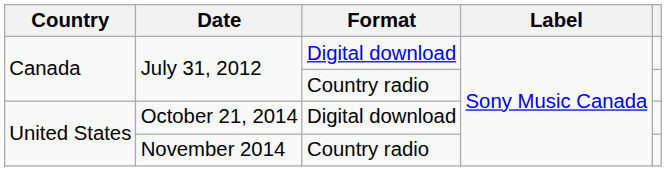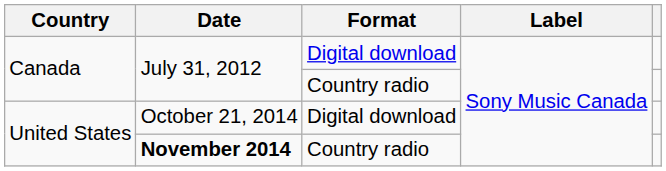 <table class="wikitable">
 <tr>
 <th>Country</th>
 <th>Date</th>
 <th>Format</th>
 <th>Label</th>
 <th></th>
 </tr>
 <tr>
 <td rowspan="2">Canada</td>
 <td rowspan="2">July 31, 2012</td>
 <td><a href='#'>Digital download</a></td>
 <td rowspan="4"><a href='#'>Sony Music Canada</a></td>
 <td></td>
 </tr>
 <tr>
 <td>Country radio</td>
 <td></td>
 </tr>
 <tr>
 <td rowspan="2">United States</td>
 <td>October 21, 2014</td>
 <td>Digital download </td>
 <td></td>
 </tr>
 <tr>
-<td>November 2014</td>
+<td><strong>November 2014</strong></td>
 <td>Country radio</td>
 <td></td>
 </tr>
 </table>
